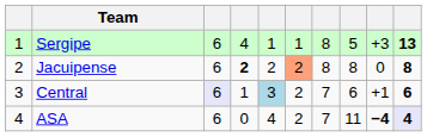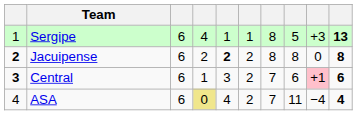 <table class="wikitable" style="text-align: center;">
 <tr>
 <th width=20></th>
 <th width=165>Team</th>
 <th width=20></th>
 <th width=20></th>
 <th width=20></th>
 <th width=20></th>
 <th width=20></th>
 <th width=20></th>
 <th width=20></th>
 <th width=20></th>
 </tr>
 <tr bgcolor=#ccffcc>
 <td>1</td>
 <td align=left> <a href='#'>Sergipe</a></td>
 <td>6</td>
 <td>4</td>
 <td>1</td>
 <td>1</td>
 <td>8</td>
 <td>5</td>
 <td>+3</td>
 <td><strong>13</strong></td>
 </tr>
 <tr>
-<td>2</td>
+<td><strong>2</strong></td>
 <td align=left> <a href='#'>Jacuipense</a></td>
 <td>6</td>
+<td>2</td>
 <td><strong>2</strong></td>
 <td>2</td>
-<td style="background: lightsalmon;">2</td>
 <td>8</td>
 <td>8</td>
 <td>0</td>
 <td><strong>8</strong></td>
 </tr>
 <tr>
+<td><strong>3</strong></td>
+<td align=left> <a href='#'>Central</a></td>
+<td>6</td>
+<td>1</td>
 <td>3</td>
-<td align=left> <a href='#'>Central</a></td>
-<td style="background: lavender;">6</td>
-<td>1</td>
-<td style="background: lightblue;">3</td>
 <td>2</td>
 <td>7</td>
 <td>6</td>
-<td>+1</td>
+<td style="background: pink;">+1</td>
 <td><strong>6</strong></td>
 </tr>
 <tr>
 <td>4</td>
 <td align=left> <a href='#'>ASA</a></td>
 <td>6</td>
-<td>0</td>
+<td style="background: khaki;">0</td>
 <td>4</td>
 <td>2</td>
 <td>7</td>
 <td>11</td>
-<td><strong>−4</strong></td>
-<td style="background: lavender;"><strong>4</strong></td>
+<td>−4</td>
+<td><strong>4</strong></td>
 </tr>
 </table>
